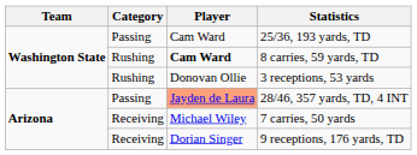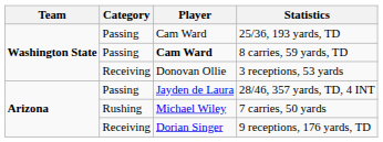 <table class="wikitable" style="float: right;">
 <tr>
 <th>Team</th>
 <th>Category</th>
 <th>Player</th>
 <th>Statistics</th>
 </tr>
 <tr>
 <td rowspan=3><strong>Washington State</strong></td>
 <td>Passing</td>
 <td>Cam Ward</td>
 <td>25/36, 193 yards, TD</td>
 </tr>
 <tr>
-<td>Rushing</td>
+<td>Passing</td>
 <td><strong>Cam Ward</strong></td>
 <td>8 carries, 59 yards, TD</td>
 </tr>
 <tr>
-<td>Rushing</td>
+<td>Receiving</td>
 <td>Donovan Ollie</td>
 <td>3 receptions, 53 yards</td>
 </tr>
 <tr>
 <td rowspan=3><strong>Arizona</strong></td>
 <td>Passing</td>
-<td style="background: lightsalmon;"><a href='#'>Jayden de Laura</a></td>
+<td><a href='#'>Jayden de Laura</a></td>
 <td>28/46, 357 yards, TD, 4 INT</td>
 </tr>
 <tr>
-<td>Receiving</td>
+<td>Rushing</td>
 <td><a href='#'>Michael Wiley</a></td>
 <td>7 carries, 50 yards</td>
 </tr>
 <tr>
 <td>Receiving</td>
 <td><a href='#'>Dorian Singer</a></td>
 <td>9 receptions, 176 yards, TD</td>
 </tr>
 </table>
